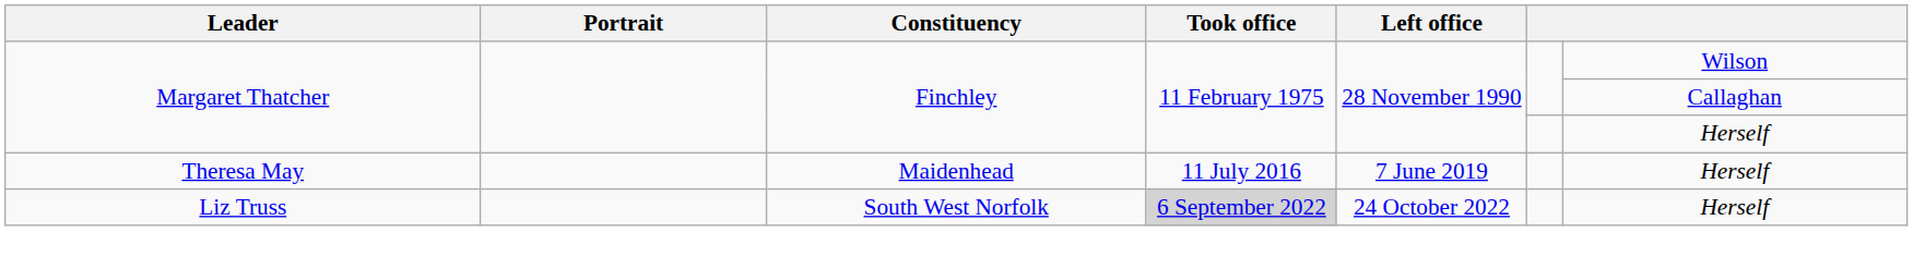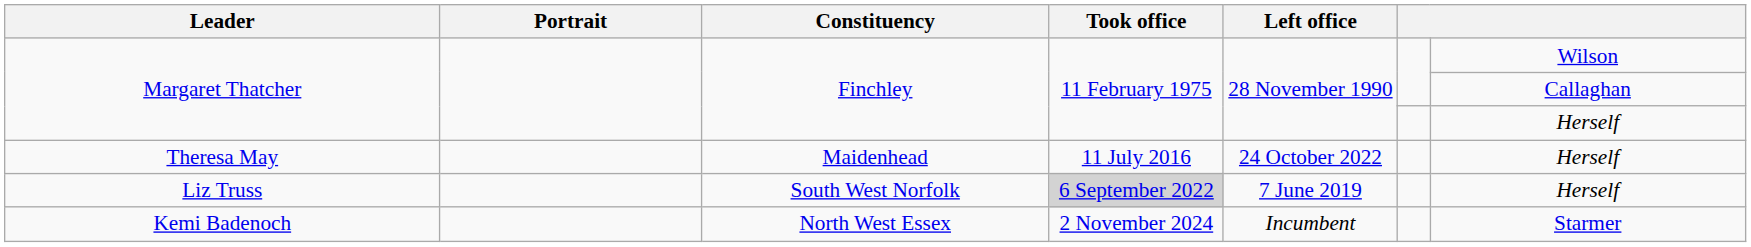 <table class="wikitable" style="text-align:center">
 <tr>
 <th style="width:25%;">Leader<br></th>
 <th width=60>Portrait</th>
 <th style="width:20%;">Constituency</th>
 <th style="width:10%;">Took office</th>
 <th style="width:10%;">Left office</th>
 <th colspan="2" style="width:20%;"></th>
 </tr>
 <tr>
 <td rowspan=3><a href='#'>Margaret Thatcher</a><br></td>
 <td rowspan=3></td>
 <td rowspan=3><a href='#'>Finchley</a></td>
 <td rowspan=3><a href='#'>11 February 1975</a></td>
 <td rowspan=3><a href='#'>28 November 1990</a></td>
 <td rowspan=2 style="background-color: "></td>
 <td><a href='#'>Wilson</a></td>
 </tr>
 <tr>
 <td><a href='#'>Callaghan</a></td>
 </tr>
 <tr>
 <td style="background-color: "></td>
 <td><em>Herself</em></td>
 </tr>
 <tr>
 <td><a href='#'>Theresa May</a><br></td>
 <td></td>
 <td><a href='#'>Maidenhead</a></td>
 <td><a href='#'>11 July 2016</a></td>
-<td><a href='#'>7 June 2019</a></td>
+<td><a href='#'>24 October 2022</a></td>
 <td style="background-color: "></td>
 <td><em>Herself</em></td>
 </tr>
 <tr>
 <td><a href='#'>Liz Truss</a><br></td>
 <td></td>
 <td><a href='#'>South West Norfolk</a></td>
 <td style="background: lightgrey;"><a href='#'>6 September 2022</a></td>
-<td><a href='#'>24 October 2022</a></td>
+<td><a href='#'>7 June 2019</a></td>
 <td style="background-color: "></td>
 <td><em>Herself</em></td>
 </tr>
+<tr>
+<td><a href='#'>Kemi Badenoch</a><br></td>
+<td></td>
+<td><a href='#'>North West Essex</a></td>
+<td><a href='#'>2 November 2024</a></td>
+<td><em>Incumbent</em></td>
+<td style="background-color: "></td>
+<td><a href='#'>Starmer</a></td>
+</tr>
 </table>
